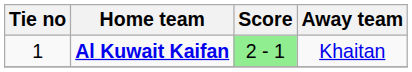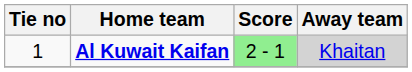 <table class="wikitable" style="text-align: center">
 <tr>
 <th>Tie no</th>
 <th>Home team</th>
 <th>Score</th>
 <th>Away team</th>
 </tr>
 <tr>
 <td>1</td>
 <td><strong><a href='#'>Al Kuwait Kaifan</a></strong></td>
 <td style="background: lightgreen;">2 - 1</td>
-<td><a href='#'>Khaitan</a></td>
+<td style="background: lightgrey;"><a href='#'>Khaitan</a></td>
 </tr>
 <tr>
 </tr>
 </table>
